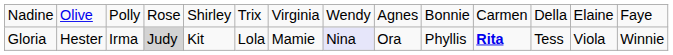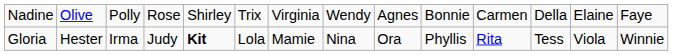 <table class="wikitable">
 <tr>
 <td>Nadine</td>
 <td><a href='#'>Olive</a></td>
 <td>Polly</td>
 <td>Rose</td>
 <td>Shirley</td>
 <td>Trix</td>
 <td>Virginia</td>
 <td>Wendy</td>
 <td>Agnes</td>
 <td>Bonnie</td>
 <td>Carmen</td>
 <td>Della</td>
 <td>Elaine</td>
 <td>Faye</td>
 </tr>
 <tr>
 <td>Gloria</td>
 <td>Hester</td>
 <td>Irma</td>
-<td style="background: lightgrey;">Judy</td>
-<td>Kit</td>
+<td>Judy</td>
+<td><strong>Kit</strong></td>
 <td>Lola</td>
 <td>Mamie</td>
-<td style="background: lavender;">Nina</td>
+<td>Nina</td>
 <td>Ora</td>
 <td>Phyllis</td>
-<td><strong><a href='#'>Rita</a></strong></td>
+<td><a href='#'>Rita</a></td>
 <td>Tess</td>
 <td>Viola</td>
 <td>Winnie</td>
 </tr>
 </table>
